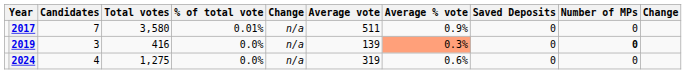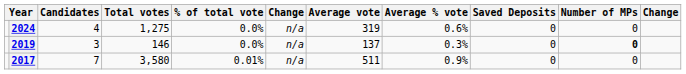 <table class="wikitable sortable" style="text-align: right">
 <tr>
 <th colspan="2">Year</th>
 <th>Candidates</th>
 <th>Total votes</th>
 <th>% of total vote</th>
 <th>Change</th>
 <th>Average vote</th>
 <th>Average % vote</th>
 <th>Saved Deposits</th>
 <th>Number of MPs</th>
 <th>Change</th>
 </tr>
 <tr>
 <td></td>
+<th><a href='#'>2024</a></th>
+<td>4</td>
+<td>1,275</td>
+<td>0.0%</td>
+<td><em>n/a</em></td>
+<td>319</td>
+<td>0.6%</td>
+<td>0</td>
+<td>0</td>
+<td></td>
+</tr>
+<tr>
+<td></td>
+<th><a href='#'>2019</a></th>
+<td>3</td>
+<td>146</td>
+<td>0.0%</td>
+<td><em>n/a</em></td>
+<td>137</td>
+<td>0.3%</td>
+<td>0</td>
+<td><strong>0</strong></td>
+<td></td>
+</tr>
+<tr>
+<td></td>
 <th><a href='#'>2017</a></th>
 <td>7</td>
 <td>3,580</td>
 <td>0.01%</td>
 <td><em>n/a</em></td>
 <td>511</td>
 <td>0.9%</td>
 <td>0</td>
 <td>0</td>
 <td></td>
 </tr>
-<tr>
-<td></td>
-<th><a href='#'>2019</a></th>
-<td>3</td>
-<td>416</td>
-<td>0.0%</td>
-<td><em>n/a</em></td>
-<td>139</td>
-<td style="background: lightsalmon;">0.3%</td>
-<td>0</td>
-<td><strong>0</strong></td>
-<td></td>
-</tr>
-<tr>
-<td></td>
-<th><a href='#'>2024</a></th>
-<td>4</td>
-<td>1,275</td>
-<td>0.0%</td>
-<td><em>n/a</em></td>
-<td>319</td>
-<td>0.6%</td>
-<td>0</td>
-<td>0</td>
-<td></td>
-</tr>
 </table>
